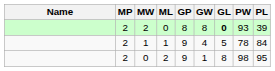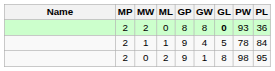 <table class=wikitable style="text-align:center">
 <tr>
 <th width=175>Name</th>
 <th width=20>MP</th>
 <th width=20>MW</th>
 <th width=20>ML</th>
 <th width=20>GP</th>
 <th width=20>GW</th>
 <th width=20>GL</th>
 <th width=20>PW</th>
 <th width=20>PL</th>
 </tr>
 <tr style="background-color:#ccffcc;">
 <td style="text-align:left;"><strong></strong></td>
 <td>2</td>
 <td>2</td>
 <td>0</td>
 <td>8</td>
 <td>8</td>
 <td><strong>0</strong></td>
 <td>93</td>
-<td>39</td>
+<td>36</td>
 </tr>
 <tr>
 <td style="text-align:left;"></td>
 <td>2</td>
 <td>1</td>
 <td>1</td>
 <td>9</td>
 <td>4</td>
 <td>5</td>
 <td>78</td>
 <td>84</td>
 </tr>
 <tr>
 <td style="text-align:left;"></td>
 <td>2</td>
 <td>0</td>
 <td>2</td>
 <td>9</td>
 <td>1</td>
 <td>8</td>
 <td>98</td>
 <td>95</td>
 </tr>
 </table>
